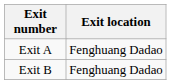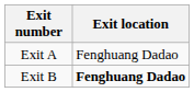 <table class="wikitable">
 <tr>
 <th style="width:70px" colspan="2">Exit number</th>
 <th>Exit location</th>
 </tr>
 <tr>
 <td align="center" colspan="2">Exit A</td>
 <td>Fenghuang Dadao</td>
 </tr>
 <tr>
 <td align="center" colspan="2">Exit B</td>
-<td>Fenghuang Dadao</td>
+<td><strong>Fenghuang Dadao</strong></td>
 </tr>
 </table>
